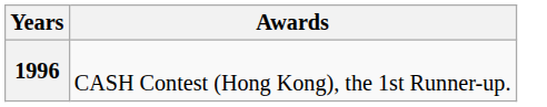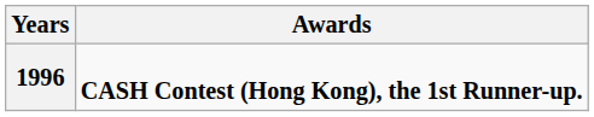 <table class="wikitable">
 <tr>
 <th align="left">Years</th>
 <th align="left">Awards</th>
 </tr>
 <tr>
 <th align="center">1996</th>
-<td align="left"><br>CASH  Contest (Hong Kong), the 1st Runner-up.</td>
+<td align="left"><strong><br>CASH  Contest (Hong Kong), the 1st Runner-up.</strong></td>
 </tr>
 </table>
